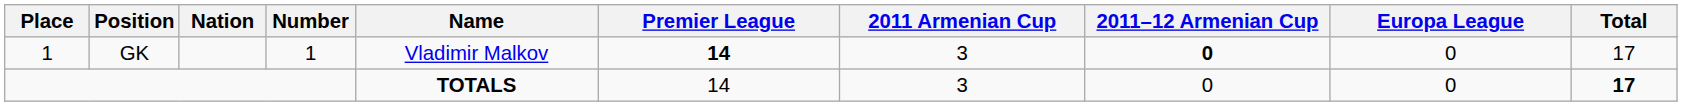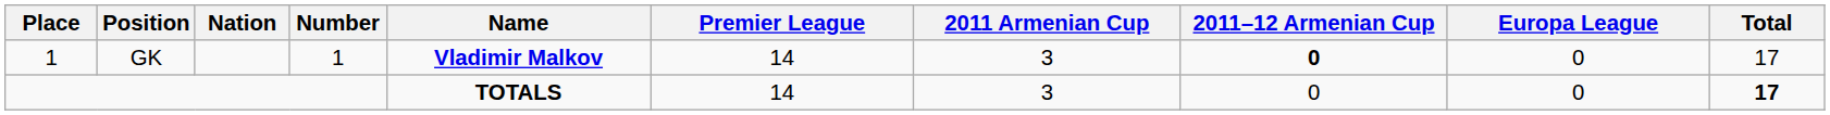 <table class="wikitable" style="font-size: 95%; text-align: center;">
 <tr>
 <th width=60>Place</th>
 <th width=60>Position</th>
 <th width=60>Nation</th>
 <th width=60>Number</th>
 <th width=200>Name</th>
 <th width=200><a href='#'>Premier League</a></th>
 <th width=200><a href='#'>2011 Armenian Cup</a></th>
 <th width=200><a href='#'>2011–12 Armenian Cup</a></th>
 <th width=200><a href='#'>Europa League</a></th>
 <th width=80><strong>Total</strong></th>
 </tr>
 <tr>
 <td>1</td>
 <td>GK</td>
 <td></td>
 <td>1</td>
-<td><a href='#'>Vladimir Malkov</a></td>
-<td><strong>14</strong></td>
+<td><strong><a href='#'>Vladimir Malkov</a></strong></td>
+<td>14</td>
 <td>3</td>
 <td><strong>0</strong></td>
 <td>0</td>
 <td>17</td>
 </tr>
 <tr>
 <td colspan="4"></td>
 <td><strong>TOTALS</strong></td>
 <td>14</td>
 <td>3</td>
 <td>0</td>
 <td>0</td>
 <td><strong>17</strong></td>
 </tr>
 </table>
